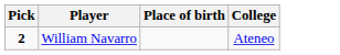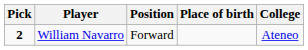 <table class="wikitable sortable sortable" style="text-align:center">
 <tr>
 <th>Pick</th>
 <th>Player</th>
+<th>Position</th>
 <th>Place of birth</th>
 <th>College</th>
 </tr>
 <tr>
 <td><strong>2</strong></td>
 <td><a href='#'>William Navarro</a></td>
+<td>Forward</td>
 <td></td>
 <td><a href='#'>Ateneo</a></td>
 </tr>
 </table>
